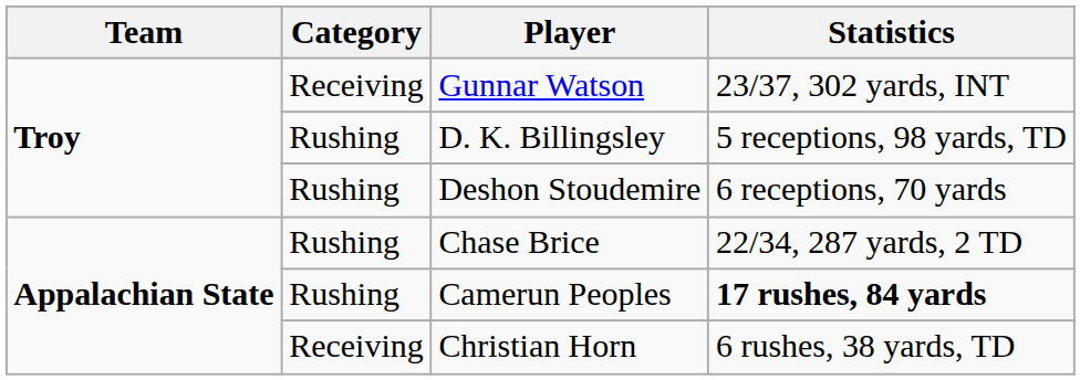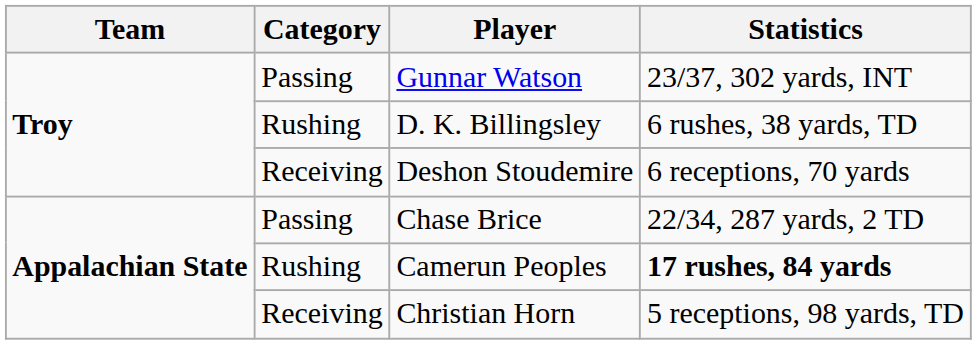 <table class="wikitable" style="float: right;">
 <tr>
 <th>Team</th>
 <th>Category</th>
 <th>Player</th>
 <th>Statistics</th>
 </tr>
 <tr>
 <td rowspan=3><strong>Troy</strong></td>
-<td>Receiving</td>
+<td>Passing</td>
 <td><a href='#'>Gunnar Watson</a></td>
 <td>23/37, 302 yards, INT</td>
 </tr>
 <tr>
 <td>Rushing</td>
 <td>D. K. Billingsley</td>
-<td>5 receptions, 98 yards, TD</td>
+<td>6 rushes, 38 yards, TD</td>
 </tr>
 <tr>
-<td>Rushing</td>
+<td>Receiving</td>
 <td>Deshon Stoudemire</td>
 <td>6 receptions, 70 yards</td>
 </tr>
 <tr>
 <td rowspan=3><strong>Appalachian State</strong></td>
-<td>Rushing</td>
+<td>Passing</td>
 <td>Chase Brice</td>
 <td>22/34, 287 yards, 2 TD</td>
 </tr>
 <tr>
 <td>Rushing</td>
 <td>Camerun Peoples</td>
 <td><strong>17 rushes, 84 yards</strong></td>
 </tr>
 <tr>
 <td>Receiving</td>
 <td>Christian Horn</td>
-<td>6 rushes, 38 yards, TD</td>
+<td>5 receptions, 98 yards, TD</td>
 </tr>
 </table>
